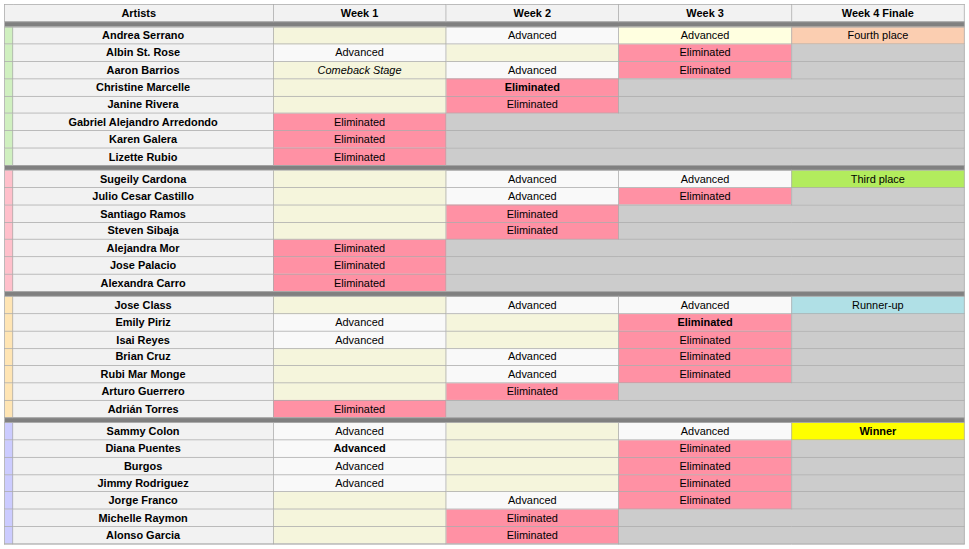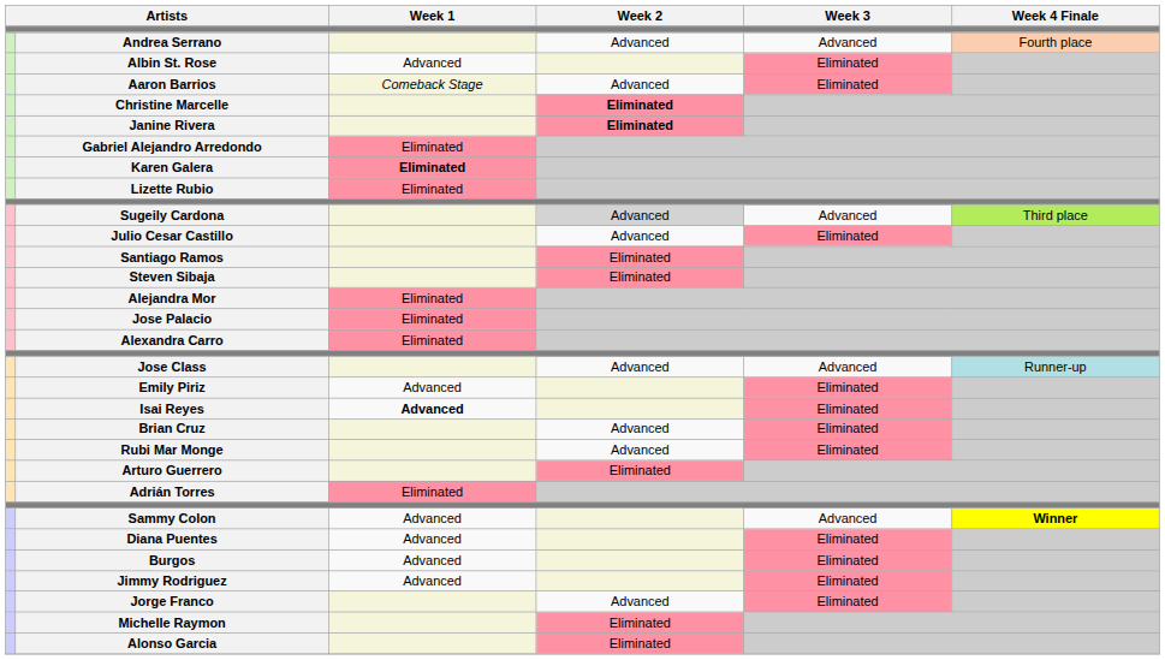 <table class="wikitable"  style="font-size:90%; text-align:center; width:100%;">
 <tr>
 <th colspan="2">Artists</th>
 <th style="width:18%;">Week 1</th>
 <th style="width:18%;">Week 2</th>
 <th style="width:18%;">Week 3</th>
 <th style="width:18%;">Week 4 Finale</th>
 </tr>
 <tr>
 <th colspan="6" style="background:gray;"></th>
 </tr>
 <tr>
 <th style="background:#d0f0c0;"></th>
 <th>Andrea Serrano</th>
 <td style="background:#F5F5DC;"></td>
 <td>Advanced</td>
-<td style="background: lightyellow;">Advanced</td>
+<td>Advanced</td>
 <td style="background:#FBCEB1">Fourth place</td>
 </tr>
 <tr>
 <th style="background:#d0f0c0;"></th>
 <th>Albin St. Rose</th>
 <td>Advanced</td>
 <td style="background:#F5F5DC;"></td>
 <td style="background:#FF91A4;">Eliminated</td>
 <td style="background:#ccc"></td>
 </tr>
 <tr>
 <th style="background:#d0f0c0;"></th>
 <th>Aaron Barrios</th>
 <td style="background:#F5F5DC;"><em>Comeback Stage</em></td>
 <td>Advanced</td>
 <td style="background:#FF91A4;">Eliminated</td>
 <td style="background:#ccc"></td>
 </tr>
 <tr>
 <th style="background:#d0f0c0;"></th>
 <th>Christine Marcelle</th>
 <td style="background:#F5F5DC;"></td>
 <td style="background:#FF91A4;"><strong>Eliminated</strong></td>
 <td colspan="2" style="background:#ccc"></td>
 </tr>
 <tr>
 <th style="background:#d0f0c0;"></th>
 <th>Janine Rivera</th>
 <td style="background:#F5F5DC;"></td>
-<td style="background:#FF91A4;">Eliminated</td>
+<td style="background:#FF91A4;"><strong>Eliminated</strong></td>
 <td colspan="2" style="background:#ccc"></td>
 </tr>
 <tr>
 <th style="background:#d0f0c0;"></th>
 <th>Gabriel Alejandro Arredondo</th>
 <td style="background:#FF91A4;">Eliminated</td>
 <td colspan="3" style="background:#ccc"></td>
 </tr>
 <tr>
 <th style="background:#d0f0c0;"></th>
 <th>Karen Galera</th>
-<td style="background:#FF91A4;">Eliminated</td>
+<td style="background:#FF91A4;"><strong>Eliminated</strong></td>
 <td colspan="3" style="background:#ccc"></td>
 </tr>
 <tr>
 <th style="background:#d0f0c0;"></th>
 <th>Lizette Rubio</th>
 <td style="background:#FF91A4;">Eliminated</td>
 <td colspan="3" style="background:#ccc"></td>
 </tr>
 <tr>
 <th colspan="6" style="background:gray;"></th>
 </tr>
 <tr>
 <th style="background:pink;"></th>
 <th>Sugeily Cardona</th>
 <td style="background:#F5F5DC;"></td>
-<td>Advanced</td>
+<td style="background: lightgrey;">Advanced</td>
 <td>Advanced</td>
 <td style="background:#B2EC5D">Third place</td>
 </tr>
 <tr>
 <th style="background:pink;"></th>
 <th>Julio Cesar Castillo</th>
 <td style="background:#F5F5DC;"></td>
 <td>Advanced</td>
 <td style="background:#FF91A4;">Eliminated</td>
 <td style="background:#ccc"></td>
 </tr>
 <tr>
 <th style="background:pink;"></th>
 <th>Santiago Ramos</th>
 <td style="background:#F5F5DC;"></td>
 <td style="background:#FF91A4;">Eliminated</td>
 <td colspan="2" style="background:#ccc"></td>
 </tr>
 <tr>
 <th style="background:pink;"></th>
 <th>Steven Sibaja</th>
 <td style="background:#F5F5DC;"></td>
 <td style="background:#FF91A4;">Eliminated</td>
 <td colspan="2" style="background:#ccc"></td>
 </tr>
 <tr>
 <th style="background:pink;"></th>
 <th>Alejandra Mor</th>
 <td style="background:#FF91A4;">Eliminated</td>
 <td colspan="3" style="background:#ccc"></td>
 </tr>
 <tr>
 <th style="background:pink;"></th>
 <th>Jose Palacio</th>
 <td style="background:#FF91A4;">Eliminated</td>
 <td colspan="3" style="background:#ccc"></td>
 </tr>
 <tr>
 <th style="background:pink;"></th>
 <th>Alexandra Carro</th>
 <td style="background:#FF91A4;">Eliminated</td>
 <td colspan="3" style="background:#ccc"></td>
 </tr>
 <tr>
 <th colspan="6" style="background:gray;"></th>
 </tr>
 <tr>
 <th style="background:#ffe5b4;"></th>
 <th>Jose Class</th>
 <td style="background:#F5F5DC;"></td>
 <td>Advanced</td>
 <td>Advanced</td>
 <td style="background:#B0E0E6">Runner-up</td>
 </tr>
 <tr>
 <th style="background:#ffe5b4;"></th>
 <th>Emily Piriz</th>
 <td>Advanced</td>
 <td style="background:#F5F5DC;"></td>
-<td style="background:#FF91A4;"><strong>Eliminated</strong></td>
+<td style="background:#FF91A4;">Eliminated</td>
 <td style="background:#ccc"></td>
 </tr>
 <tr>
 <th style="background:#ffe5b4;"></th>
 <th>Isai Reyes</th>
-<td>Advanced</td>
+<td><strong>Advanced</strong></td>
 <td style="background:#F5F5DC;"></td>
 <td style="background:#FF91A4;">Eliminated</td>
 <td style="background:#ccc"></td>
 </tr>
 <tr>
 <th style="background:#ffe5b4;"></th>
 <th>Brian Cruz</th>
 <td style="background:#F5F5DC;"></td>
 <td>Advanced</td>
 <td style="background:#FF91A4;">Eliminated</td>
 <td style="background:#ccc"></td>
 </tr>
 <tr>
 <th style="background:#ffe5b4;"></th>
 <th>Rubi Mar Monge</th>
 <td style="background:#F5F5DC;"></td>
 <td>Advanced</td>
 <td style="background:#FF91A4;">Eliminated</td>
 <td style="background:#ccc"></td>
 </tr>
 <tr>
 <th style="background:#ffe5b4;"></th>
 <th>Arturo Guerrero</th>
 <td style="background:#F5F5DC;"></td>
 <td style="background:#FF91A4;">Eliminated</td>
 <td colspan="2" style="background:#ccc"></td>
 </tr>
 <tr>
 <th style="background:#ffe5b4;"></th>
 <th>Adrián Torres</th>
 <td style="background:#FF91A4;">Eliminated</td>
 <td colspan="3" style="background:#ccc"></td>
 </tr>
 <tr>
 <th colspan="6" style="background:gray;"></th>
 </tr>
 <tr>
 <th style="background:#ccf;"></th>
 <th>Sammy Colon</th>
 <td>Advanced</td>
 <td style="background:#F5F5DC;"></td>
 <td>Advanced</td>
 <td style="background:yellow"><strong>Winner</strong></td>
 </tr>
 <tr>
 <th style="background:#ccf;"></th>
 <th>Diana Puentes</th>
-<td><strong>Advanced</strong></td>
+<td>Advanced</td>
 <td style="background:#F5F5DC;"></td>
 <td style="background:#FF91A4;">Eliminated</td>
 <td style="background:#ccc"></td>
 </tr>
 <tr>
 <th style="background:#ccf;"></th>
 <th> Burgos</th>
 <td>Advanced</td>
 <td style="background:#F5F5DC;"></td>
 <td style="background:#FF91A4;">Eliminated</td>
 <td style="background:#ccc"></td>
 </tr>
 <tr>
 <th style="background:#ccf;"></th>
 <th>Jimmy Rodriguez</th>
 <td>Advanced</td>
 <td style="background:#F5F5DC;"></td>
 <td style="background:#FF91A4;">Eliminated</td>
 <td style="background:#ccc"></td>
 </tr>
 <tr>
 <th style="background:#ccf;"></th>
 <th>Jorge Franco</th>
 <td style="background:#F5F5DC;"></td>
 <td>Advanced</td>
 <td style="background:#FF91A4;">Eliminated</td>
 <td style="background:#ccc"></td>
 </tr>
 <tr>
 <th style="background:#ccf;"></th>
 <th>Michelle Raymon</th>
 <td style="background:#F5F5DC;"></td>
 <td style="background:#FF91A4;">Eliminated</td>
 <td colspan="3" style="background:#ccc"></td>
 </tr>
 <tr>
 <th style="background:#ccf;"></th>
 <th>Alonso Garcia</th>
 <td style="background:#F5F5DC;"></td>
 <td style="background:#FF91A4;">Eliminated</td>
 <td colspan="3" style="background:#ccc"></td>
 </tr>
 <tr>
 </tr>
 </table>
